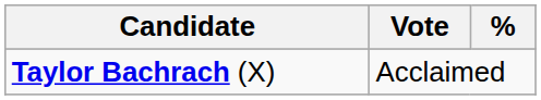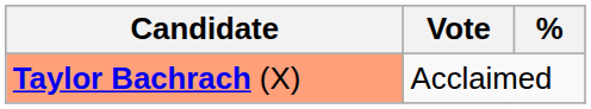 <table class="wikitable">
 <tr>
 <th bgcolor="#DDDDFF" width="200px">Candidate</th>
 <th bgcolor="#DDDDFF" width="50px">Vote</th>
 <th bgcolor="#DDDDFF" width="30px">%</th>
 </tr>
 <tr>
-<td><strong><a href='#'>Taylor Bachrach</a></strong> (X)</td>
+<td style="background: lightsalmon;"><strong><a href='#'>Taylor Bachrach</a></strong> (X)</td>
 <td colspan="2">Acclaimed</td>
 </tr>
 </table>
